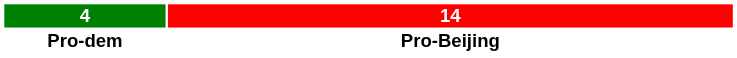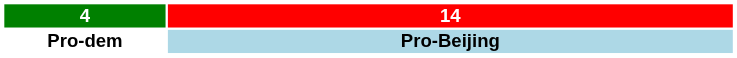 <table style="width:50%; text-align:center;">
 <tr style="color:white;">
 <td style="background:green; width:22.2%;"><strong>4</strong></td>
 <td style="background:red; width:77.8%;"><strong>14</strong></td>
 </tr>
 <tr>
 <td><span><strong>Pro-dem</strong></span></td>
-<td><span><strong>Pro-Beijing</strong></span></td>
+<td style="background: lightblue;"><span><strong>Pro-Beijing</strong></span></td>
 </tr>
 </table>
